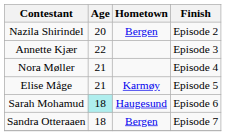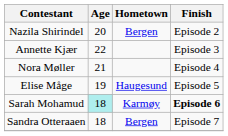 <table class="wikitable" style="text-align:center;">
 <tr>
 <th colspan="1">Contestant</th>
 <th colspan="1">Age</th>
 <th colspan="1">Hometown</th>
 <th>Finish</th>
 </tr>
 <tr>
 <td>Nazila Shirindel</td>
 <td>20</td>
 <td><a href='#'>Bergen</a></td>
 <td>Episode 2</td>
 </tr>
 <tr>
 <td>Annette Kjær</td>
 <td>22</td>
 <td></td>
 <td>Episode 3</td>
 </tr>
 <tr>
 <td>Nora Møller</td>
 <td>21</td>
 <td></td>
 <td>Episode 4</td>
 </tr>
 <tr>
 <td>Elise Måge</td>
-<td>21</td>
-<td><a href='#'>Karmøy</a></td>
+<td>19</td>
+<td><a href='#'>Haugesund</a></td>
 <td>Episode 5</td>
 </tr>
 <tr>
 <td>Sarah Mohamud</td>
 <td style="background: paleturquoise;">18</td>
-<td><a href='#'>Haugesund</a></td>
-<td>Episode 6</td>
+<td><a href='#'>Karmøy</a></td>
+<td><strong>Episode 6</strong></td>
 </tr>
 <tr>
 <td>Sandra Otteraaen</td>
 <td>18</td>
 <td><a href='#'>Bergen</a></td>
 <td>Episode 7</td>
 </tr>
 <tr>
 </tr>
 </table>
